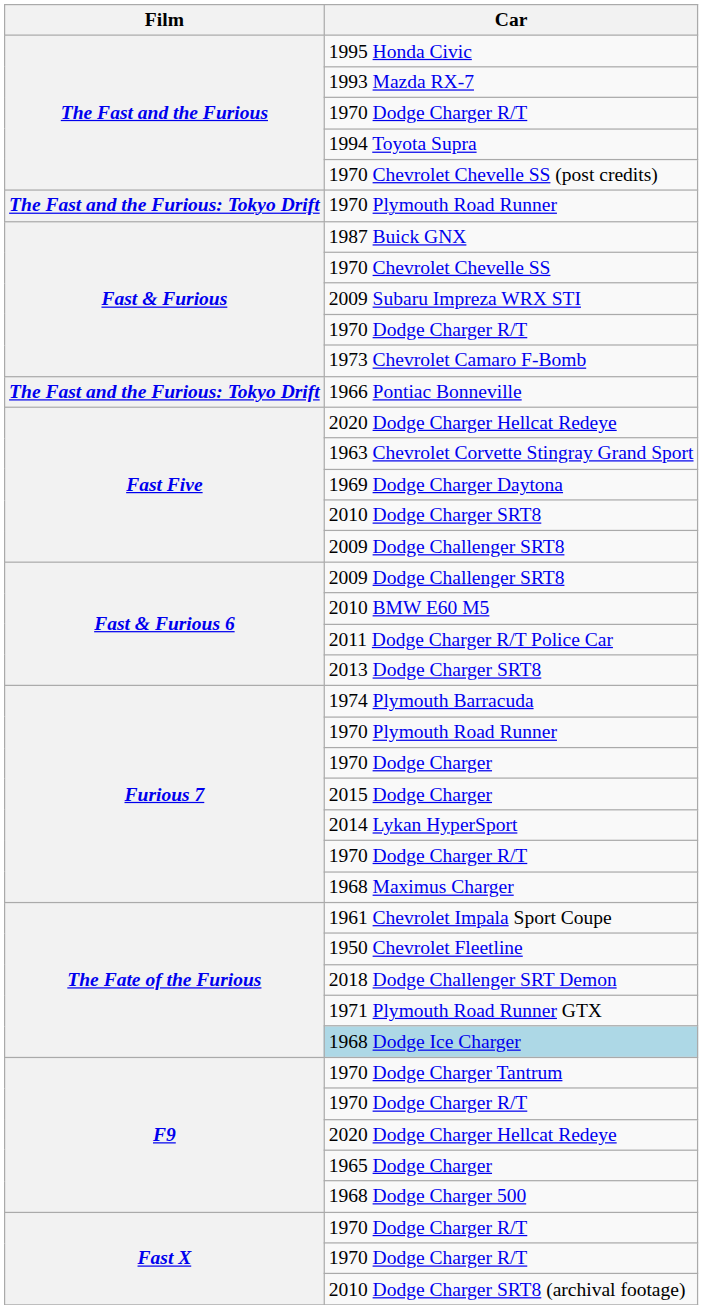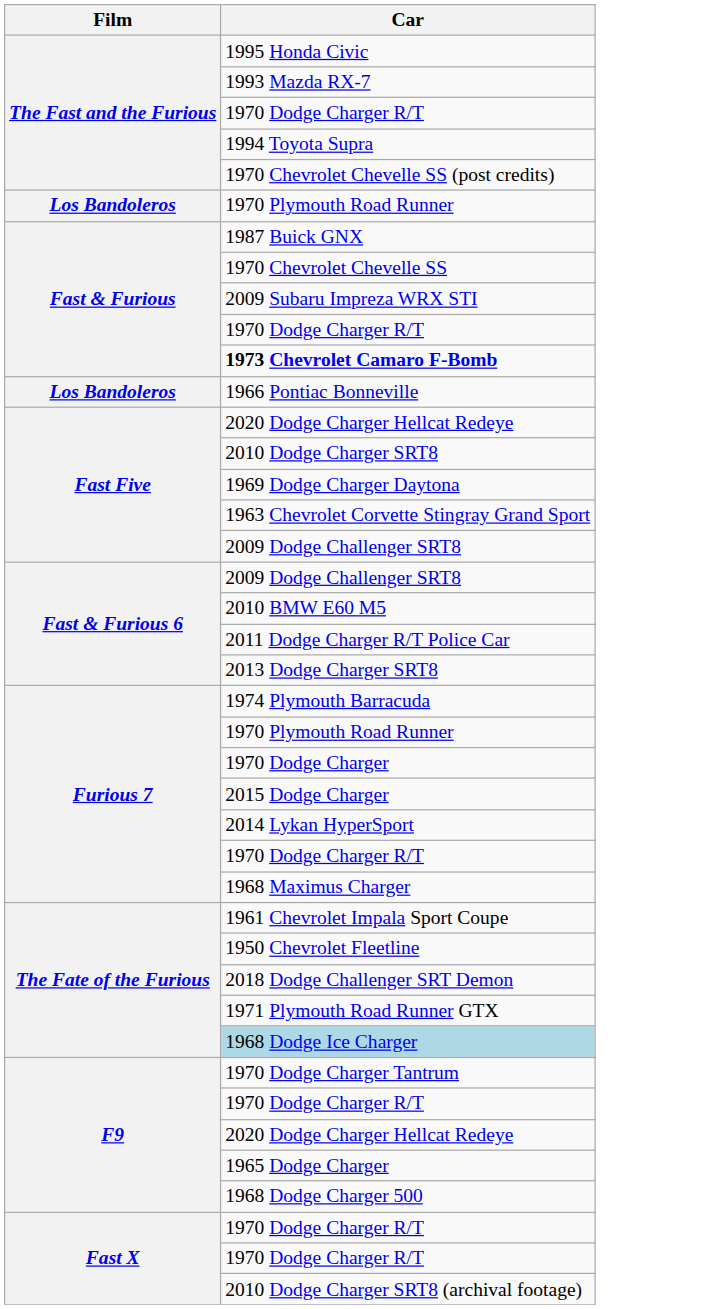 <table class="wikitable plainrowheaders" style="margin-right: 0;">
 <tr>
 <th scope="col">Film</th>
 <th scope="col">Car</th>
 </tr>
 <tr>
 <th scope="row" rowspan=5><em><a href='#'>The Fast and the Furious</a></em></th>
 <td>1995 <a href='#'>Honda Civic</a></td>
 </tr>
 <tr>
 <td>1993 <a href='#'>Mazda RX-7</a></td>
 </tr>
 <tr>
 <td>1970 <a href='#'>Dodge Charger R/T</a></td>
 </tr>
 <tr>
 <td>1994 <a href='#'>Toyota Supra</a></td>
 </tr>
 <tr>
 <td>1970 <a href='#'>Chevrolet Chevelle SS</a> (post credits)</td>
 </tr>
 <tr>
-<th scope="row"><em><a href='#'>The Fast and the Furious: Tokyo Drift</a></em></th>
+<th scope="row"><em><a href='#'>Los Bandoleros</a></em></th>
 <td>1970 <a href='#'>Plymouth Road Runner</a></td>
 </tr>
 <tr>
 <th scope="row" rowspan=5><em><a href='#'>Fast & Furious</a></em></th>
 <td>1987 <a href='#'>Buick GNX</a></td>
 </tr>
 <tr>
 <td>1970 <a href='#'>Chevrolet Chevelle SS</a></td>
 </tr>
 <tr>
 <td>2009 <a href='#'>Subaru Impreza WRX STI</a></td>
 </tr>
 <tr>
 <td>1970 <a href='#'>Dodge Charger R/T</a></td>
 </tr>
 <tr>
-<td>1973 <a href='#'>Chevrolet Camaro F-Bomb</a></td>
+<td><strong>1973 <a href='#'>Chevrolet Camaro F-Bomb</a></strong></td>
 </tr>
 <tr>
-<th scope="row"><em><a href='#'>The Fast and the Furious: Tokyo Drift</a></em></th>
+<th scope="row"><em><a href='#'>Los Bandoleros</a></em></th>
 <td>1966 <a href='#'>Pontiac Bonneville</a></td>
 </tr>
 <tr>
 <th scope="row" rowspan=5><em><a href='#'>Fast Five</a></em></th>
 <td>2020 <a href='#'>Dodge Charger Hellcat Redeye</a></td>
 </tr>
 <tr>
-<td>1963 <a href='#'>Chevrolet Corvette Stingray Grand Sport</a></td>
+<td>2010 <a href='#'>Dodge Charger SRT8</a></td>
 </tr>
 <tr>
 <td>1969 <a href='#'>Dodge Charger Daytona</a></td>
 </tr>
 <tr>
-<td>2010 <a href='#'>Dodge Charger SRT8</a></td>
+<td>1963 <a href='#'>Chevrolet Corvette Stingray Grand Sport</a></td>
 </tr>
 <tr>
 <td>2009 <a href='#'>Dodge Challenger SRT8</a></td>
 </tr>
 <tr>
 <th scope="row" rowspan=4><em><a href='#'>Fast & Furious 6</a></em></th>
 <td>2009 <a href='#'>Dodge Challenger SRT8</a></td>
 </tr>
 <tr>
 <td>2010 <a href='#'>BMW E60 M5</a></td>
 </tr>
 <tr>
 <td>2011 <a href='#'>Dodge Charger R/T Police Car</a></td>
 </tr>
 <tr>
 <td>2013 <a href='#'>Dodge Charger SRT8</a></td>
 </tr>
 <tr>
 <th scope="row" rowspan="7"><em><a href='#'>Furious 7</a></em></th>
 <td>1974 <a href='#'>Plymouth Barracuda</a></td>
 </tr>
 <tr>
 <td>1970 <a href='#'>Plymouth Road Runner</a></td>
 </tr>
 <tr>
 <td>1970 <a href='#'>Dodge Charger</a></td>
 </tr>
 <tr>
 <td>2015 <a href='#'>Dodge Charger</a></td>
 </tr>
 <tr>
 <td>2014 <a href='#'>Lykan HyperSport</a></td>
 </tr>
 <tr>
 <td>1970 <a href='#'>Dodge Charger R/T</a></td>
 </tr>
 <tr>
 <td>1968 <a href='#'>Maximus Charger</a></td>
 </tr>
 <tr>
 <th scope="row" rowspan="5"><em><a href='#'>The Fate of the Furious</a></em></th>
 <td>1961 <a href='#'>Chevrolet Impala</a> Sport Coupe</td>
 </tr>
 <tr>
 <td>1950 <a href='#'>Chevrolet Fleetline</a></td>
 </tr>
 <tr>
 <td>2018 <a href='#'>Dodge Challenger SRT Demon</a></td>
 </tr>
 <tr>
 <td>1971 <a href='#'>Plymouth Road Runner</a> GTX</td>
 </tr>
 <tr>
 <td style="background: lightblue;">1968 <a href='#'>Dodge Ice Charger</a></td>
 </tr>
 <tr>
 <th scope="row" rowspan="5"><em><a href='#'>F9</a></em></th>
 <td>1970 <a href='#'>Dodge Charger Tantrum</a></td>
 </tr>
 <tr>
 <td>1970 <a href='#'>Dodge Charger R/T</a></td>
 </tr>
 <tr>
 <td>2020 <a href='#'>Dodge Charger Hellcat Redeye</a></td>
 </tr>
 <tr>
 <td>1965 <a href='#'>Dodge Charger</a></td>
 </tr>
 <tr>
 <td>1968 <a href='#'>Dodge Charger 500</a></td>
 </tr>
 <tr>
 <th scope="row" rowspan="3"><em><a href='#'>Fast X</a></em></th>
 <td>1970 <a href='#'>Dodge Charger R/T</a></td>
 </tr>
 <tr>
 <td>1970 <a href='#'>Dodge Charger R/T</a></td>
 </tr>
 <tr>
 <td>2010 <a href='#'>Dodge Charger SRT8</a> (archival footage)</td>
 </tr>
 <tr>
 </tr>
 </table>
